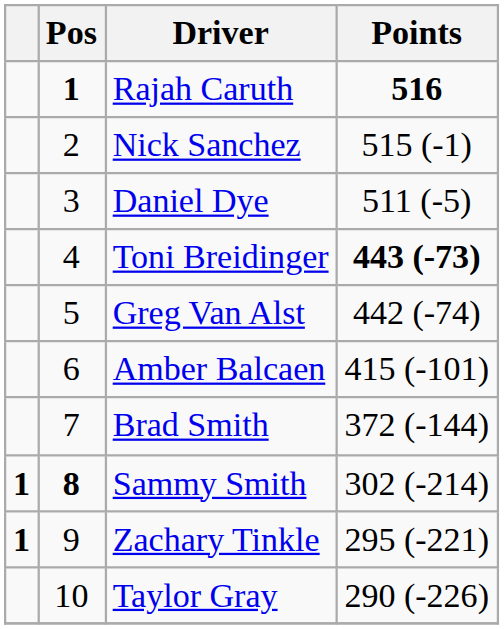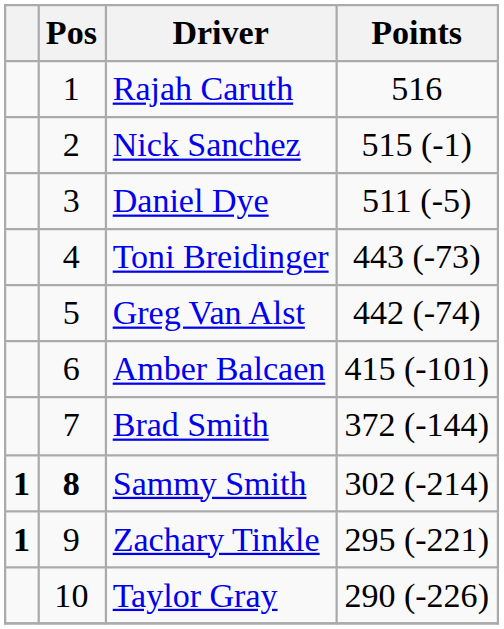 <table class="wikitable" style="font-size: 95%;">
 <tr>
 <th></th>
 <th>Pos</th>
 <th>Driver</th>
 <th>Points</th>
 </tr>
 <tr>
 <td align="left"></td>
-<td style="text-align:center;"><strong>1</strong></td>
+<td style="text-align:center;">1</td>
 <td><a href='#'>Rajah Caruth</a></td>
-<td style="text-align:center;"><strong>516</strong></td>
+<td style="text-align:center;">516</td>
 </tr>
 <tr>
 <td align="left"></td>
 <td style="text-align:center;">2</td>
 <td><a href='#'>Nick Sanchez</a></td>
 <td style="text-align:center;">515 (-1)</td>
 </tr>
 <tr>
 <td align="left"></td>
 <td style="text-align:center;">3</td>
 <td><a href='#'>Daniel Dye</a></td>
 <td style="text-align:center;">511 (-5)</td>
 </tr>
 <tr>
 <td align="left"></td>
 <td style="text-align:center;">4</td>
 <td><a href='#'>Toni Breidinger</a></td>
-<td style="text-align:center;"><strong>443 (-73)</strong></td>
+<td style="text-align:center;">443 (-73)</td>
 </tr>
 <tr>
 <td align="left"></td>
 <td style="text-align:center;">5</td>
 <td><a href='#'>Greg Van Alst</a></td>
 <td style="text-align:center;">442 (-74)</td>
 </tr>
 <tr>
 <td align="left"></td>
 <td style="text-align:center;">6</td>
 <td><a href='#'>Amber Balcaen</a></td>
 <td style="text-align:center;">415 (-101)</td>
 </tr>
 <tr>
 <td align="left"></td>
 <td style="text-align:center;">7</td>
 <td><a href='#'>Brad Smith</a></td>
 <td style="text-align:center;">372 (-144)</td>
 </tr>
 <tr>
 <td align="left"> <strong>1</strong></td>
 <td style="text-align:center;"><strong>8</strong></td>
 <td><a href='#'>Sammy Smith</a></td>
 <td style="text-align:center;">302 (-214)</td>
 </tr>
 <tr>
 <td align="left"> <strong>1</strong></td>
 <td style="text-align:center;">9</td>
 <td><a href='#'>Zachary Tinkle</a></td>
 <td style="text-align:center;">295 (-221)</td>
 </tr>
 <tr>
 <td align="left"></td>
 <td style="text-align:center;">10</td>
 <td><a href='#'>Taylor Gray</a></td>
 <td style="text-align:center;">290 (-226)</td>
 </tr>
 <tr class="sortbottom">
 </tr>
 </table>
